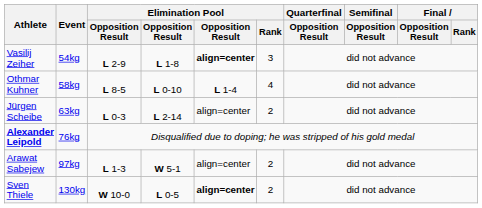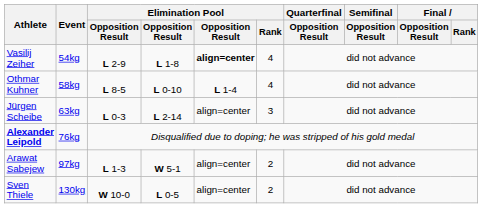 <table class="wikitable" style="font-size:90%">
 <tr>
 <th rowspan="2">Athlete</th>
 <th rowspan="2">Event</th>
 <th colspan=4>Elimination Pool</th>
 <th>Quarterfinal</th>
 <th>Semifinal</th>
 <th colspan=2>Final / </th>
 </tr>
 <tr style="font-size: 95%">
 <th>Opposition<br>Result</th>
 <th>Opposition<br>Result</th>
 <th>Opposition<br>Result</th>
 <th>Rank</th>
 <th>Opposition<br>Result</th>
 <th>Opposition<br>Result</th>
 <th>Opposition<br>Result</th>
 <th>Rank</th>
 </tr>
 <tr>
 <td align=left><a href='#'>Vasilij Zeiher</a></td>
 <td align=left><a href='#'>54kg</a></td>
 <td align=center><br> <strong>L</strong> 2-9</td>
 <td align=center><br> <strong>L</strong> 1-8</td>
 <td><strong>align=center </strong></td>
-<td align=center>3</td>
+<td align=center>4</td>
 <td align=center colspan=4>did not advance</td>
 </tr>
 <tr>
 <td align=left><a href='#'>Othmar Kuhner</a></td>
 <td align=left><a href='#'>58kg</a></td>
 <td align=center><br> <strong>L</strong> 8-5</td>
 <td align=center><br> <strong>L</strong> 0-10</td>
 <td align=center><br> <strong>L</strong> 1-4</td>
 <td align=center>4</td>
 <td align=center colspan=4>did not advance</td>
 </tr>
 <tr>
 <td align=left><a href='#'>Jürgen Scheibe</a></td>
 <td align=left><a href='#'>63kg</a></td>
 <td align=center><br> <strong>L</strong> 0-3</td>
 <td align=center><br> <strong>L</strong> 2-14</td>
 <td>align=center </td>
-<td align=center>2</td>
+<td align=center>3</td>
 <td align=center colspan=4>did not advance</td>
 </tr>
 <tr>
 <td align=left><strong><a href='#'>Alexander Leipold</a></strong></td>
 <td align=left><a href='#'>76kg</a></td>
 <td align=center colspan=8><em>Disqualified due to doping; he was stripped of his gold medal</em></td>
 </tr>
 <tr>
 <td align=left><a href='#'>Arawat Sabejew</a></td>
 <td align=left><a href='#'>97kg</a></td>
 <td align=center><br><strong>L</strong> 1-3</td>
 <td align=center><br><strong>W</strong> 5-1</td>
 <td>align=center </td>
 <td align=center>2</td>
 <td align=center colspan=4>did not advance</td>
 </tr>
 <tr>
 <td align=left><a href='#'>Sven Thiele</a></td>
 <td align=left><a href='#'>130kg</a></td>
 <td align=center><br><strong>W</strong> 10-0</td>
 <td align=center><br><strong>L</strong> 0-5</td>
-<td><strong>align=center </strong></td>
+<td>align=center </td>
 <td align=center>2</td>
 <td align=center colspan=4>did not advance</td>
 </tr>
 </table>
